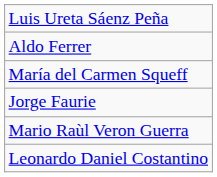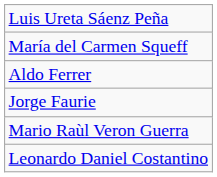 <table class="wikitable">
 <tr>
 <td><a href='#'>Luis Ureta Sáenz Peña</a></td>
 </tr>
 <tr>
-<td><a href='#'>Aldo Ferrer</a></td>
+<td><a href='#'>María del Carmen Squeff</a></td>
 </tr>
 <tr>
-<td><a href='#'>María del Carmen Squeff</a></td>
+<td><a href='#'>Aldo Ferrer</a></td>
 </tr>
 <tr>
 <td><a href='#'>Jorge Faurie</a></td>
 </tr>
 <tr>
 <td><a href='#'>Mario Raùl Veron Guerra</a></td>
 </tr>
 <tr>
 <td><a href='#'>Leonardo Daniel Costantino</a></td>
 </tr>
 </table>
